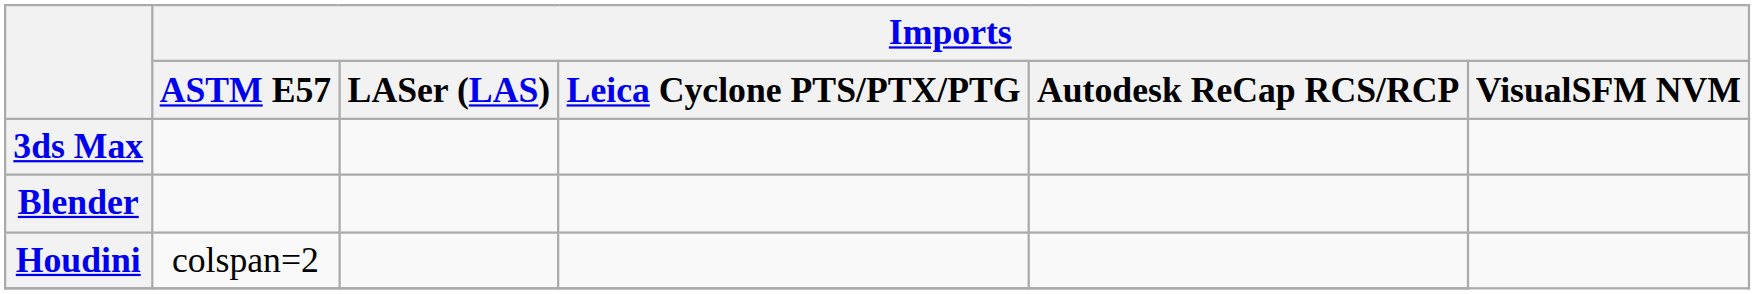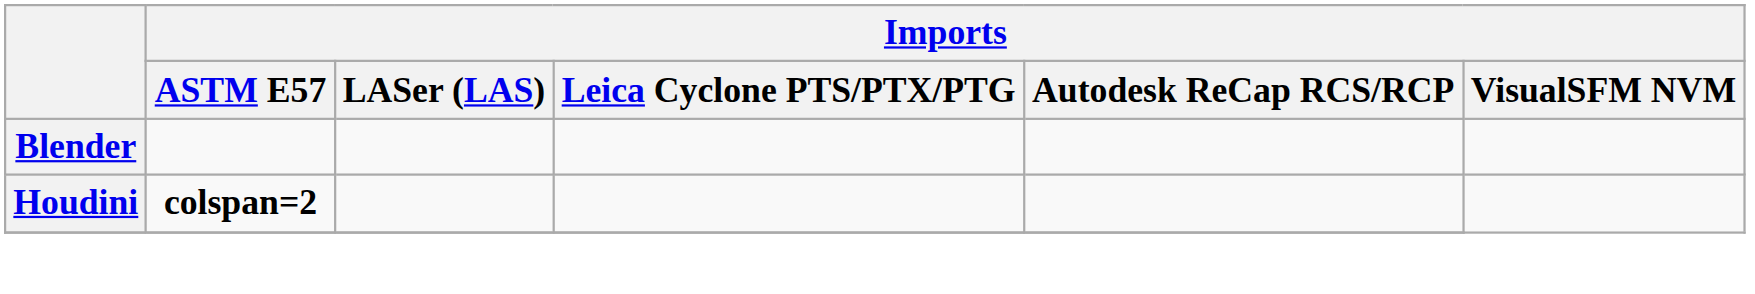 <table class="sortable sort-under wikitable" style="text-align: center; ">
 <tr>
 <th rowspan="2"></th>
 <th colspan="5"><a href='#'>Imports</a></th>
 </tr>
 <tr>
 <th><a href='#'>ASTM</a> E57</th>
 <th>LASer (<a href='#'>LAS</a>)</th>
 <th><a href='#'>Leica</a> Cyclone PTS/PTX/PTG</th>
 <th>Autodesk ReCap RCS/RCP</th>
 <th>VisualSFM NVM</th>
 </tr>
 <tr>
-<th><a href='#'>3ds Max</a></th>
-<td></td>
-<td></td>
-<td></td>
-<td></td>
-<td></td>
-</tr>
-<tr>
 <th><a href='#'>Blender</a></th>
 <td></td>
 <td></td>
 <td></td>
 <td></td>
 <td></td>
 </tr>
 <tr>
 <th><a href='#'>Houdini</a></th>
-<td>colspan=2 </td>
+<td><strong>colspan=2 </strong></td>
 <td></td>
 <td></td>
 <td></td>
 </tr>
 <tr>
 </tr>
 </table>
